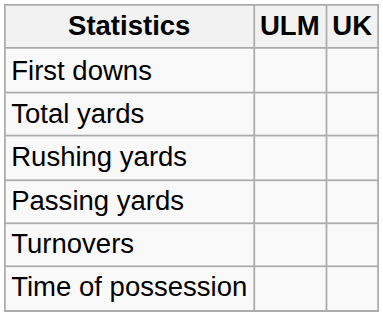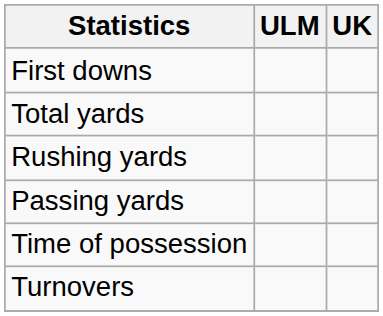 <table class="wikitable">
 <tr>
 <th>Statistics</th>
 <th>ULM</th>
 <th>UK</th>
 </tr>
 <tr>
 <td>First downs</td>
 <td></td>
 <td></td>
 </tr>
 <tr>
 <td>Total yards</td>
 <td></td>
 <td></td>
 </tr>
 <tr>
 <td>Rushing yards</td>
 <td></td>
 <td></td>
 </tr>
 <tr>
 <td>Passing yards</td>
 <td></td>
 <td></td>
 </tr>
 <tr>
-<td>Turnovers</td>
+<td>Time of possession</td>
 <td></td>
 <td></td>
 </tr>
 <tr>
-<td>Time of possession</td>
+<td>Turnovers</td>
 <td></td>
 <td></td>
 </tr>
 <tr>
 </tr>
 </table>
